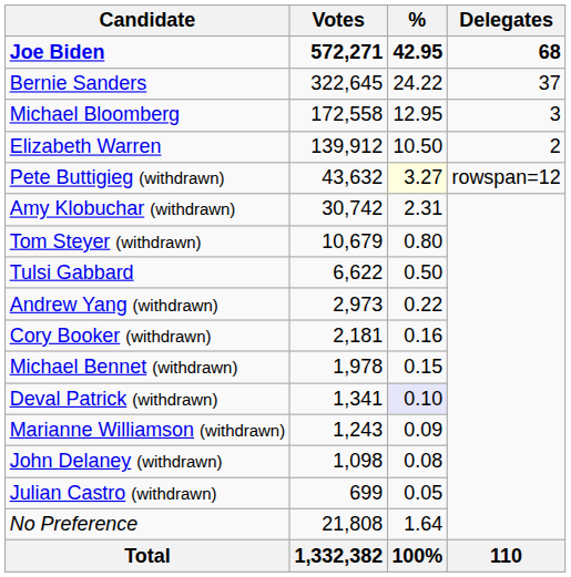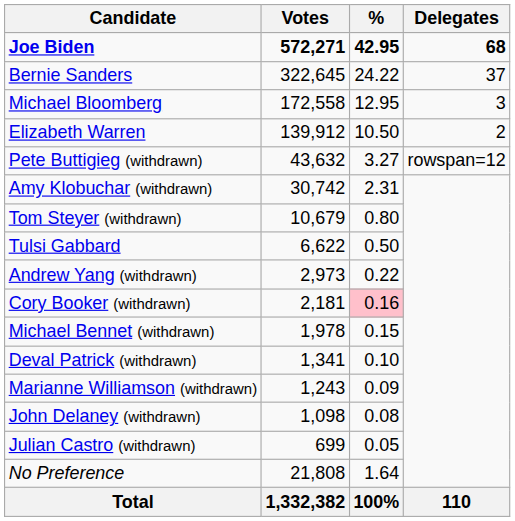 <table class="wikitable sortable" style="text-align:right;">
 <tr>
 <th>Candidate</th>
 <th>Votes</th>
 <th>%</th>
 <th>Delegates</th>
 </tr>
 <tr>
 <td style="text-align:left;" data-sort-value="Biden, Joe"><strong><a href='#'>Joe Biden</a></strong></td>
 <td><strong>572,271</strong></td>
 <td><strong>42.95</strong></td>
 <td><strong>68</strong></td>
 </tr>
 <tr>
 <td style="text-align:left;" data-sort-value="Sanders, Bernie"><a href='#'>Bernie Sanders</a></td>
 <td>322,645</td>
 <td>24.22</td>
 <td>37</td>
 </tr>
 <tr>
 <td style="text-align:left;" data-sort-value="Bloomberg, Michael"><a href='#'>Michael Bloomberg</a></td>
 <td>172,558</td>
 <td>12.95</td>
 <td>3</td>
 </tr>
 <tr>
 <td style="text-align:left;" data-sort-value="Warren, Elizabeth"><a href='#'>Elizabeth Warren</a></td>
 <td>139,912</td>
 <td>10.50</td>
 <td>2</td>
 </tr>
 <tr>
 <td style="text-align:left;" data-sort-value="Buttigieg, Pete"><a href='#'>Pete Buttigieg</a> <small>(withdrawn)</small></td>
 <td>43,632</td>
-<td style="background: lightyellow;">3.27</td>
+<td>3.27</td>
 <td>rowspan=12 </td>
 </tr>
 <tr>
 <td style="text-align:left;" data-sort-value="Klobuchar, Amy"><a href='#'>Amy Klobuchar</a> <small>(withdrawn)</small></td>
 <td>30,742</td>
 <td>2.31</td>
 </tr>
 <tr>
 <td style="text-align:left;" data-sort-value="Steyer, Tom"><a href='#'>Tom Steyer</a> <small>(withdrawn)</small></td>
 <td>10,679</td>
 <td>0.80</td>
 </tr>
 <tr>
 <td style="text-align:left;" data-sort-value="Gabbard, Tulsi"><a href='#'>Tulsi Gabbard</a></td>
 <td>6,622</td>
 <td>0.50</td>
 </tr>
 <tr>
 <td style="text-align:left;" data-sort-value="Yang, Andrew"><a href='#'>Andrew Yang</a> <small>(withdrawn)</small></td>
 <td>2,973</td>
 <td>0.22</td>
 </tr>
 <tr>
 <td style="text-align:left;" data-sort-value="Booker, Cory"><a href='#'>Cory Booker</a> <small>(withdrawn)</small></td>
 <td>2,181</td>
-<td>0.16</td>
+<td style="background: pink;">0.16</td>
 </tr>
 <tr>
 <td style="text-align:left;" data-sort-value="Bennet, Michael"><a href='#'>Michael Bennet</a> <small>(withdrawn)</small></td>
 <td>1,978</td>
 <td>0.15</td>
 </tr>
 <tr>
 <td style="text-align:left;" data-sort-value="Patrick, Deval"><a href='#'>Deval Patrick</a> <small>(withdrawn)</small></td>
 <td>1,341</td>
-<td style="background: lavender;">0.10</td>
+<td>0.10</td>
 </tr>
 <tr>
 <td style="text-align:left;" data-sort-value="Williamson, Marianne"><a href='#'>Marianne Williamson</a> <small>(withdrawn)</small></td>
 <td>1,243</td>
 <td>0.09</td>
 </tr>
 <tr>
 <td style="text-align:left;" data-sort-value="Delaney, John"><a href='#'>John Delaney</a> <small>(withdrawn)</small></td>
 <td>1,098</td>
 <td>0.08</td>
 </tr>
 <tr>
 <td style="text-align:left;" data-sort-value="Castro, Julian"><a href='#'>Julian Castro</a> <small>(withdrawn)</small></td>
 <td>699</td>
 <td>0.05</td>
 </tr>
 <tr>
 <td style="text-align:left;" data-sort-value="ZZ"><em>No Preference</em></td>
 <td>21,808</td>
 <td>1.64</td>
 </tr>
 <tr>
 <th>Total</th>
 <th>1,332,382</th>
 <th>100%</th>
 <th>110</th>
 </tr>
 </table>
